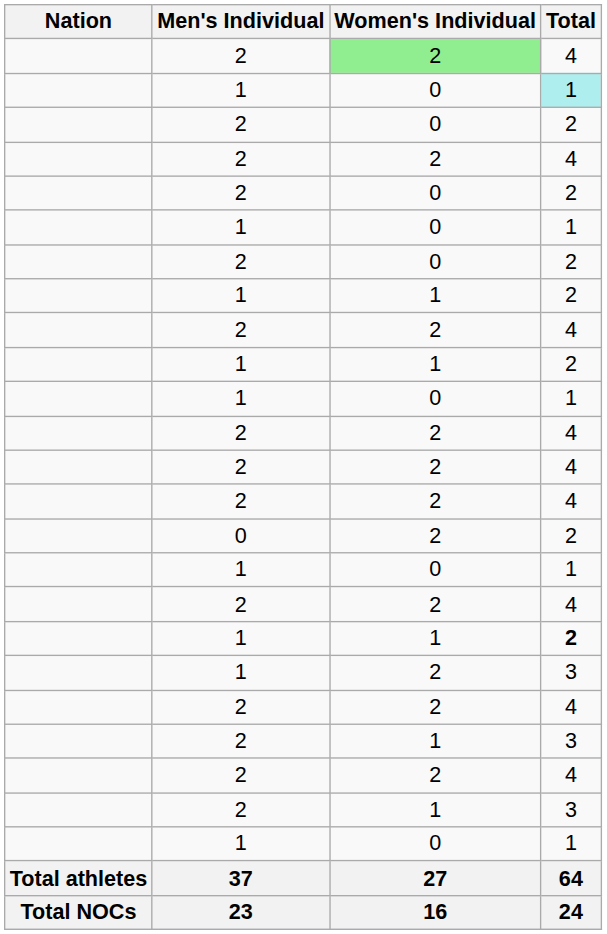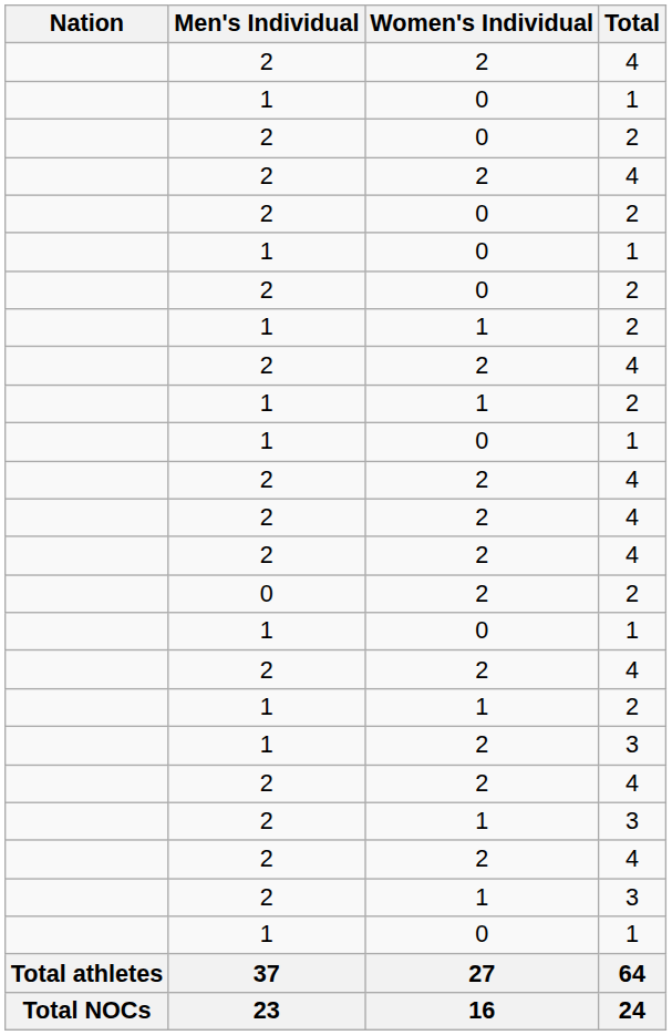 <table class="wikitable collapsible sortable" style="text-align:center">
 <tr>
 <th align=left>Nation</th>
 <th>Men's Individual</th>
 <th>Women's Individual</th>
 <th>Total</th>
 </tr>
 <tr>
 <td align=left></td>
 <td>2</td>
-<td style="background: lightgreen;">2</td>
+<td>2</td>
 <td>4</td>
 </tr>
 <tr>
 <td align=left></td>
 <td>1</td>
 <td>0</td>
-<td style="background: paleturquoise;">1</td>
+<td>1</td>
 </tr>
 <tr>
 <td align=left></td>
 <td>2</td>
 <td>0</td>
 <td>2</td>
 </tr>
 <tr>
 <td align=left></td>
 <td>2</td>
 <td>2</td>
 <td>4</td>
 </tr>
 <tr>
 <td align=left></td>
 <td>2</td>
 <td>0</td>
 <td>2</td>
 </tr>
 <tr>
 <td align=left></td>
 <td>1</td>
 <td>0</td>
 <td>1</td>
 </tr>
 <tr>
 <td align=left></td>
 <td>2</td>
 <td>0</td>
 <td>2</td>
 </tr>
 <tr>
 <td align=left></td>
 <td>1</td>
 <td>1</td>
 <td>2</td>
 </tr>
 <tr>
 <td align=left></td>
 <td>2</td>
 <td>2</td>
 <td>4</td>
 </tr>
 <tr>
 <td align=left></td>
 <td>1</td>
 <td>1</td>
 <td>2</td>
 </tr>
 <tr>
 <td align=left></td>
 <td>1</td>
 <td>0</td>
 <td>1</td>
 </tr>
 <tr>
 <td align=left></td>
 <td>2</td>
 <td>2</td>
 <td>4</td>
 </tr>
 <tr>
 <td align=left></td>
 <td>2</td>
 <td>2</td>
 <td>4</td>
 </tr>
 <tr>
 <td align=left></td>
 <td>2</td>
 <td>2</td>
 <td>4</td>
 </tr>
 <tr>
 <td align=left></td>
 <td>0</td>
 <td>2</td>
 <td>2</td>
 </tr>
 <tr>
 <td align=left></td>
 <td>1</td>
 <td>0</td>
 <td>1</td>
 </tr>
 <tr>
 <td align=left></td>
 <td>2</td>
 <td>2</td>
 <td>4</td>
 </tr>
 <tr>
 <td align=left></td>
 <td>1</td>
 <td>1</td>
-<td><strong>2</strong></td>
+<td>2</td>
 </tr>
 <tr>
 <td align=left></td>
 <td>1</td>
 <td>2</td>
 <td>3</td>
 </tr>
 <tr>
 <td align=left></td>
 <td>2</td>
 <td>2</td>
 <td>4</td>
 </tr>
 <tr>
 <td align=left></td>
 <td>2</td>
 <td>1</td>
 <td>3</td>
 </tr>
 <tr>
 <td align=left></td>
 <td>2</td>
 <td>2</td>
 <td>4</td>
 </tr>
 <tr>
 <td align=left></td>
 <td>2</td>
 <td>1</td>
 <td>3</td>
 </tr>
 <tr>
 <td align=left></td>
 <td>1</td>
 <td>0</td>
 <td>1</td>
 </tr>
 <tr class="sortbottom">
 <th>Total athletes</th>
 <th>37</th>
 <th>27</th>
 <th>64</th>
 </tr>
 <tr class="sortbottom">
 <th>Total  NOCs</th>
 <th>23</th>
 <th>16</th>
 <th>24</th>
 </tr>
 <tr>
 </tr>
 </table>
